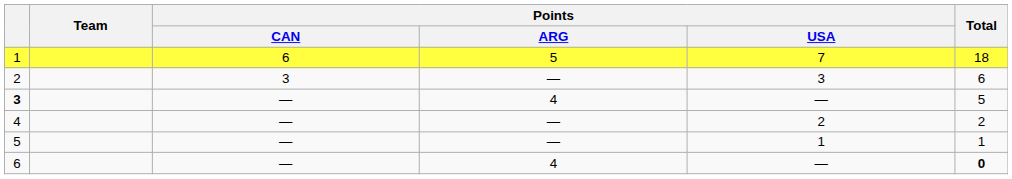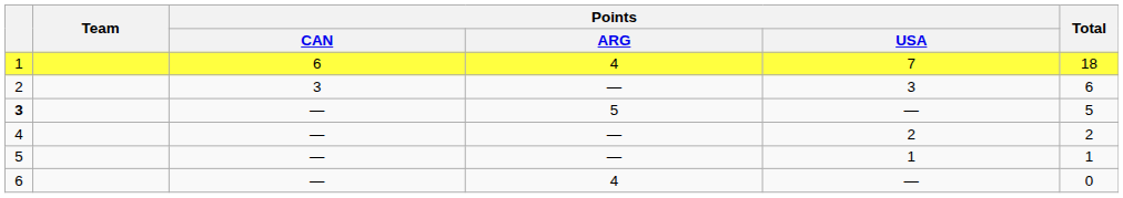 <table class="wikitable" style="font-size: 90%; text-align:center; table-layout:fixed; width:75em">
 <tr>
 <th rowspan=2 width=20></th>
 <th rowspan=2 width=125>Team</th>
 <th colspan=3>Points</th>
 <th rowspan=2 width=50>Total</th>
 </tr>
 <tr valign="top">
 <th><a href='#'>CAN</a><br></th>
 <th><a href='#'>ARG</a><br></th>
 <th><a href='#'>USA</a><br></th>
 </tr>
 <tr bgcolor=#FFFF40>
 <td align=center>1</td>
 <td></td>
 <td align=center>6</td>
-<td align=center>5</td>
+<td align=center>4</td>
 <td align=center>7</td>
 <td align=center>18</td>
 </tr>
 <tr>
 <td align=center>2</td>
 <td></td>
 <td align=center>3</td>
 <td align=center>—</td>
 <td align=center>3</td>
 <td align=center>6</td>
 </tr>
 <tr>
 <td align=center><strong>3</strong></td>
 <td></td>
 <td align=center>—</td>
-<td align=center>4</td>
+<td align=center>5</td>
 <td align=center>—</td>
 <td align=center>5</td>
 </tr>
 <tr>
 <td align=center>4</td>
 <td></td>
 <td align=center>—</td>
 <td align=center>—</td>
 <td align=center>2</td>
 <td align=center>2</td>
 </tr>
 <tr>
 <td align=center>5</td>
 <td></td>
 <td align=center>—</td>
 <td align=center>—</td>
 <td align=center>1</td>
 <td align=center>1</td>
 </tr>
 <tr>
 <td align=center>6</td>
 <td></td>
 <td align=center>—</td>
 <td align=center>4</td>
 <td align=center>—</td>
-<td align=center><strong>0</strong></td>
+<td align=center>0</td>
 </tr>
 </table>
